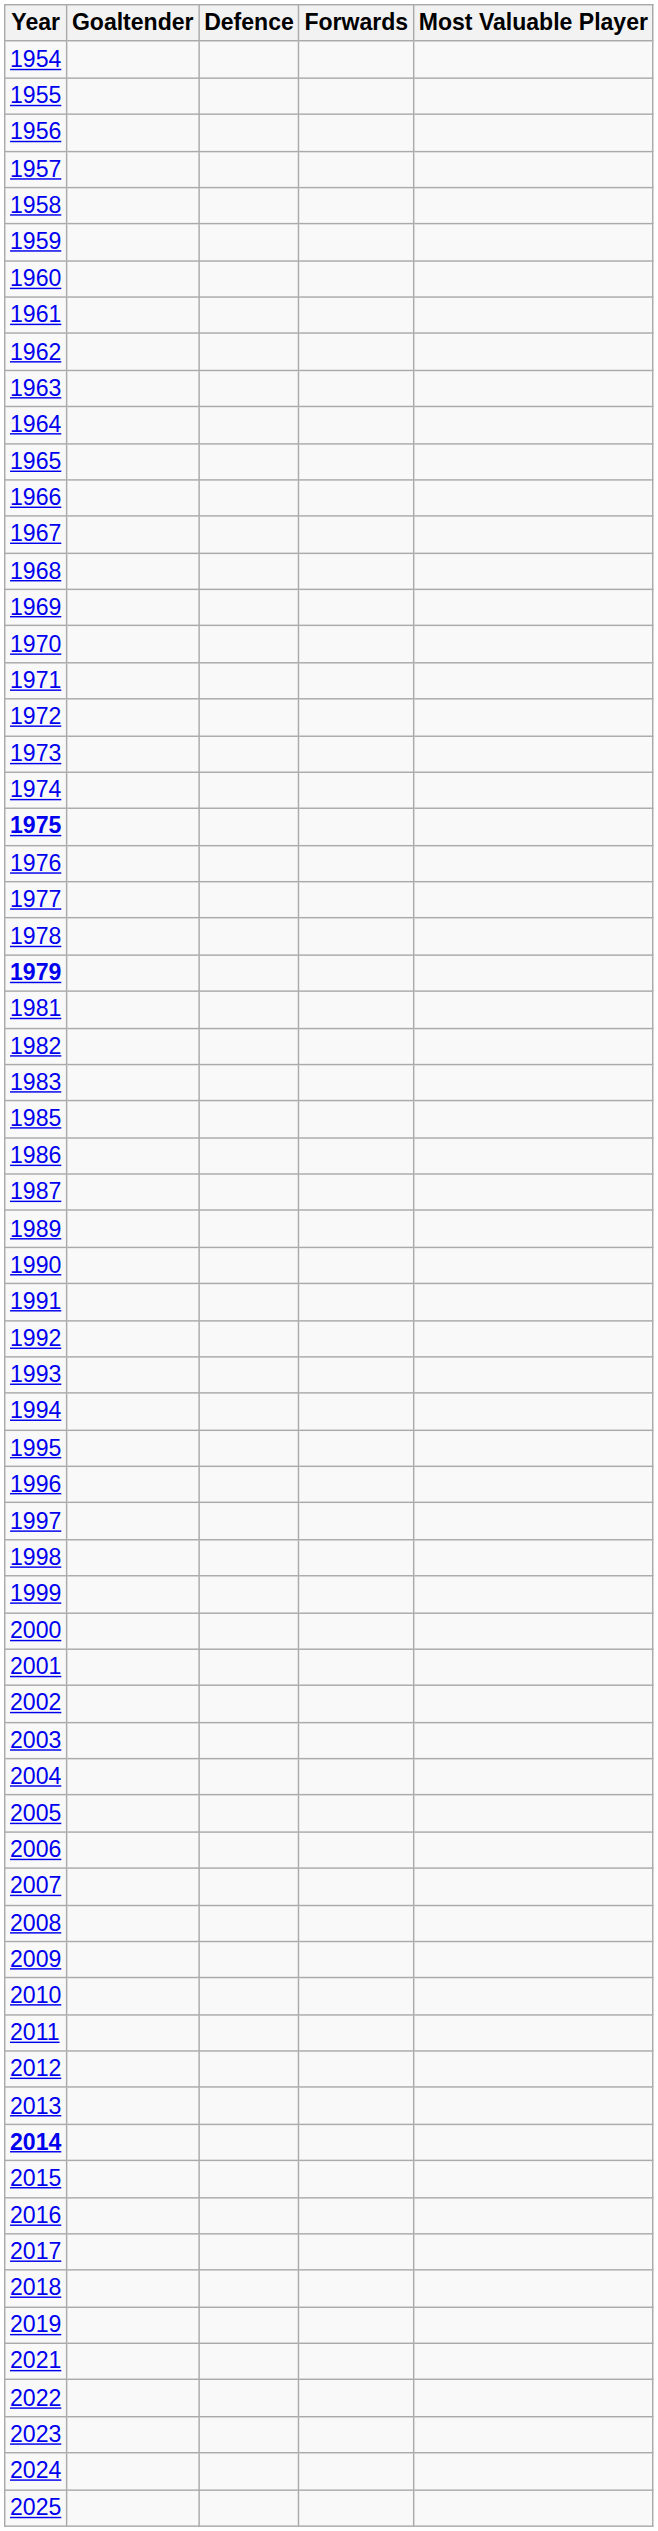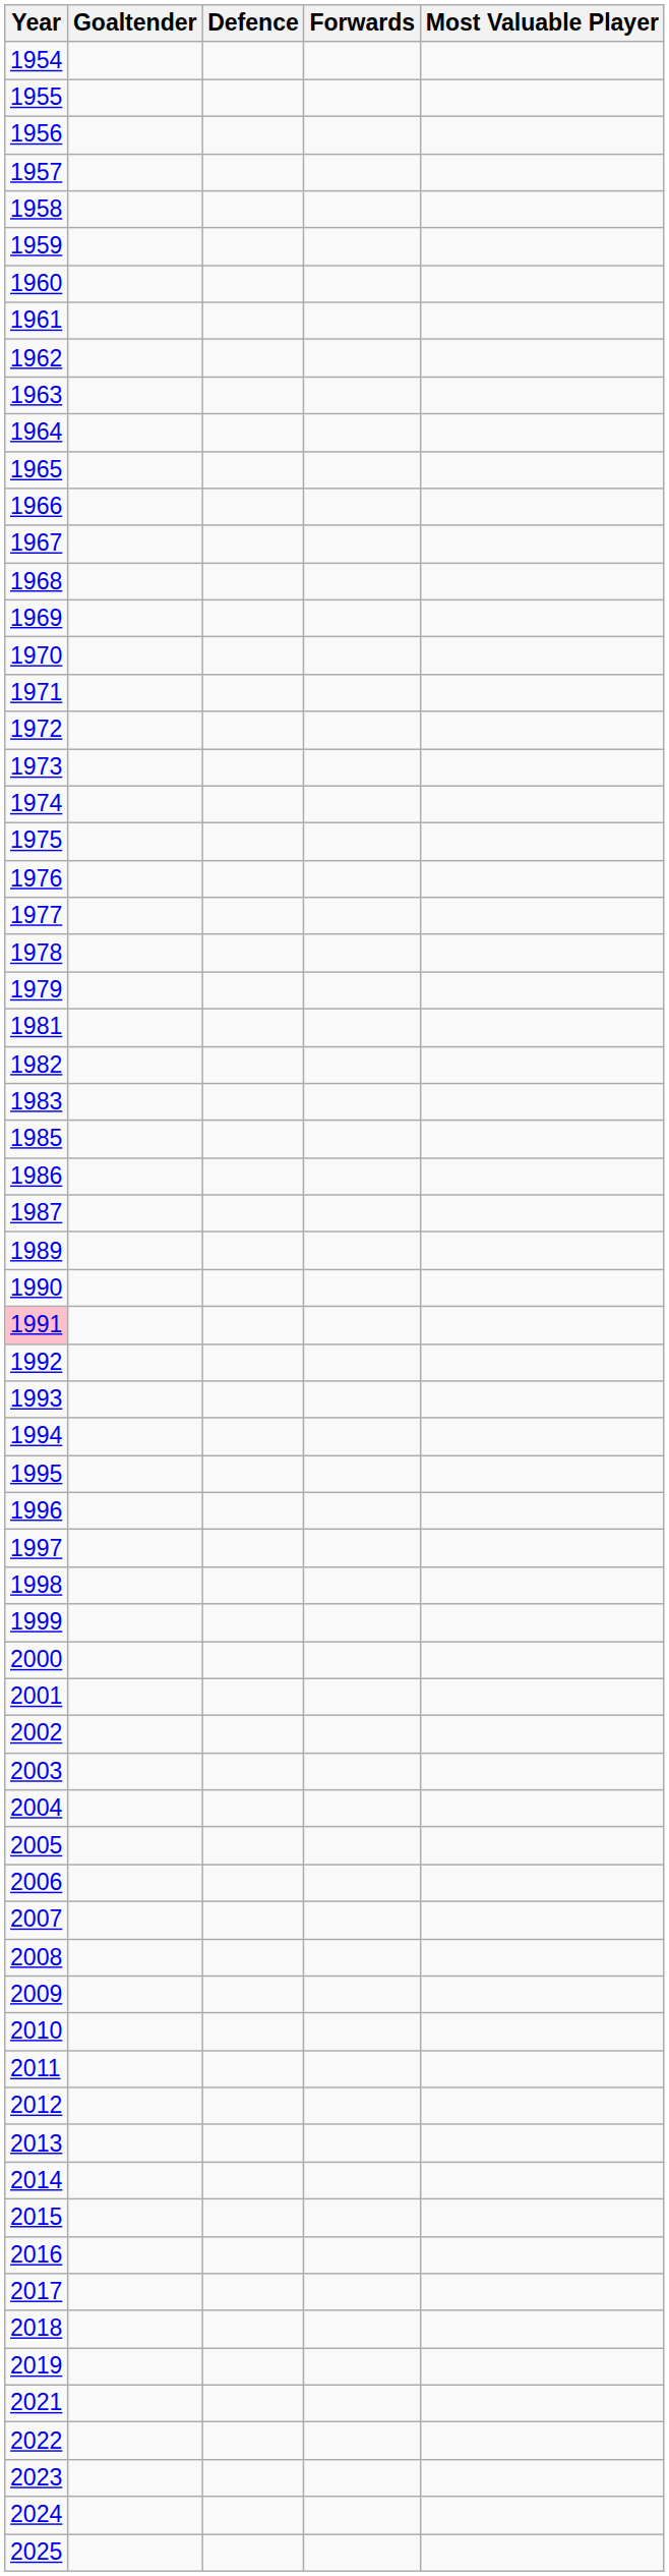 <table class="wikitable">
 <tr>
 <th>Year</th>
 <th>Goaltender</th>
 <th>Defence</th>
 <th>Forwards</th>
 <th>Most Valuable Player</th>
 </tr>
 <tr>
 <td><a href='#'>1954</a></td>
 <td></td>
 <td></td>
 <td></td>
 <td></td>
 </tr>
 <tr>
 <td><a href='#'>1955</a></td>
 <td></td>
 <td></td>
 <td></td>
 <td></td>
 </tr>
 <tr>
 <td><a href='#'>1956</a></td>
 <td></td>
 <td></td>
 <td></td>
 <td></td>
 </tr>
 <tr>
 <td><a href='#'>1957</a></td>
 <td></td>
 <td></td>
 <td></td>
 <td></td>
 </tr>
 <tr>
 <td><a href='#'>1958</a></td>
 <td></td>
 <td></td>
 <td></td>
 <td></td>
 </tr>
 <tr>
 <td><a href='#'>1959</a></td>
 <td></td>
 <td></td>
 <td></td>
 <td></td>
 </tr>
 <tr>
 <td><a href='#'>1960</a></td>
 <td></td>
 <td></td>
 <td></td>
 <td></td>
 </tr>
 <tr>
 <td><a href='#'>1961</a></td>
 <td></td>
 <td></td>
 <td></td>
 <td></td>
 </tr>
 <tr>
 <td><a href='#'>1962</a></td>
 <td></td>
 <td></td>
 <td></td>
 <td></td>
 </tr>
 <tr>
 <td><a href='#'>1963</a></td>
 <td></td>
 <td></td>
 <td></td>
 <td></td>
 </tr>
 <tr>
 <td><a href='#'>1964</a></td>
 <td></td>
 <td></td>
 <td></td>
 <td></td>
 </tr>
 <tr>
 <td><a href='#'>1965</a></td>
 <td></td>
 <td></td>
 <td></td>
 <td></td>
 </tr>
 <tr>
 <td><a href='#'>1966</a></td>
 <td></td>
 <td></td>
 <td></td>
 <td></td>
 </tr>
 <tr>
 <td><a href='#'>1967</a></td>
 <td></td>
 <td></td>
 <td></td>
 <td></td>
 </tr>
 <tr>
 <td><a href='#'>1968</a></td>
 <td></td>
 <td></td>
 <td></td>
 <td></td>
 </tr>
 <tr>
 <td><a href='#'>1969</a></td>
 <td></td>
 <td></td>
 <td></td>
 <td></td>
 </tr>
 <tr>
 <td><a href='#'>1970</a></td>
 <td></td>
 <td></td>
 <td></td>
 <td></td>
 </tr>
 <tr>
 <td><a href='#'>1971</a></td>
 <td></td>
 <td></td>
 <td></td>
 <td></td>
 </tr>
 <tr>
 <td><a href='#'>1972</a></td>
 <td></td>
 <td></td>
 <td></td>
 <td></td>
 </tr>
 <tr>
 <td><a href='#'>1973</a></td>
 <td></td>
 <td></td>
 <td></td>
 <td></td>
 </tr>
 <tr>
 <td><a href='#'>1974</a></td>
 <td></td>
 <td></td>
 <td></td>
 <td></td>
 </tr>
 <tr>
-<td><strong><a href='#'>1975</a></strong></td>
+<td><a href='#'>1975</a></td>
 <td></td>
 <td></td>
 <td></td>
 <td></td>
 </tr>
 <tr>
 <td><a href='#'>1976</a></td>
 <td></td>
 <td></td>
 <td></td>
 <td></td>
 </tr>
 <tr>
 <td><a href='#'>1977</a></td>
 <td></td>
 <td></td>
 <td></td>
 <td></td>
 </tr>
 <tr>
 <td><a href='#'>1978</a></td>
 <td></td>
 <td></td>
 <td></td>
 <td></td>
 </tr>
 <tr>
-<td><strong><a href='#'>1979</a></strong></td>
+<td><a href='#'>1979</a></td>
 <td></td>
 <td></td>
 <td></td>
 <td></td>
 </tr>
 <tr>
 <td><a href='#'>1981</a></td>
 <td></td>
 <td></td>
 <td></td>
 <td></td>
 </tr>
 <tr>
 <td><a href='#'>1982</a></td>
 <td></td>
 <td></td>
 <td></td>
 <td></td>
 </tr>
 <tr>
 <td><a href='#'>1983</a></td>
 <td></td>
 <td></td>
 <td></td>
 <td></td>
 </tr>
 <tr>
 <td><a href='#'>1985</a></td>
 <td></td>
 <td></td>
 <td></td>
 <td></td>
 </tr>
 <tr>
 <td><a href='#'>1986</a></td>
 <td></td>
 <td></td>
 <td></td>
 <td></td>
 </tr>
 <tr>
 <td><a href='#'>1987</a></td>
 <td></td>
 <td></td>
 <td></td>
 <td></td>
 </tr>
 <tr>
 <td><a href='#'>1989</a></td>
 <td></td>
 <td></td>
 <td></td>
 <td></td>
 </tr>
 <tr>
 <td><a href='#'>1990</a></td>
 <td></td>
 <td></td>
 <td></td>
 <td></td>
 </tr>
 <tr>
-<td><a href='#'>1991</a></td>
+<td style="background: pink;"><a href='#'>1991</a></td>
 <td></td>
 <td></td>
 <td></td>
 <td></td>
 </tr>
 <tr>
 <td><a href='#'>1992</a></td>
 <td></td>
 <td></td>
 <td></td>
 <td></td>
 </tr>
 <tr>
 <td><a href='#'>1993</a></td>
 <td></td>
 <td></td>
 <td></td>
 <td></td>
 </tr>
 <tr>
 <td><a href='#'>1994</a></td>
 <td></td>
 <td></td>
 <td></td>
 <td></td>
 </tr>
 <tr>
 <td><a href='#'>1995</a></td>
 <td></td>
 <td></td>
 <td></td>
 <td></td>
 </tr>
 <tr>
 <td><a href='#'>1996</a></td>
 <td></td>
 <td></td>
 <td></td>
 <td></td>
 </tr>
 <tr>
 <td><a href='#'>1997</a></td>
 <td></td>
 <td></td>
 <td></td>
 <td></td>
 </tr>
 <tr>
 <td><a href='#'>1998</a></td>
 <td></td>
 <td></td>
 <td></td>
 <td></td>
 </tr>
 <tr>
 <td><a href='#'>1999</a></td>
 <td></td>
 <td></td>
 <td></td>
 <td></td>
 </tr>
 <tr>
 <td><a href='#'>2000</a></td>
 <td></td>
 <td></td>
 <td></td>
 <td></td>
 </tr>
 <tr>
 <td><a href='#'>2001</a></td>
 <td></td>
 <td></td>
 <td></td>
 <td></td>
 </tr>
 <tr>
 <td><a href='#'>2002</a></td>
 <td></td>
 <td></td>
 <td></td>
 <td></td>
 </tr>
 <tr>
 <td><a href='#'>2003</a></td>
 <td></td>
 <td></td>
 <td></td>
 <td></td>
 </tr>
 <tr>
 <td><a href='#'>2004</a></td>
 <td></td>
 <td></td>
 <td></td>
 <td></td>
 </tr>
 <tr>
 <td><a href='#'>2005</a></td>
 <td></td>
 <td></td>
 <td></td>
 <td></td>
 </tr>
 <tr>
 <td><a href='#'>2006</a></td>
 <td></td>
 <td></td>
 <td></td>
 <td></td>
 </tr>
 <tr>
 <td><a href='#'>2007</a></td>
 <td></td>
 <td></td>
 <td></td>
 <td></td>
 </tr>
 <tr>
 <td><a href='#'>2008</a></td>
 <td></td>
 <td></td>
 <td></td>
 <td></td>
 </tr>
 <tr>
 <td><a href='#'>2009</a></td>
 <td></td>
 <td></td>
 <td></td>
 <td></td>
 </tr>
 <tr>
 <td><a href='#'>2010</a></td>
 <td></td>
 <td></td>
 <td></td>
 <td></td>
 </tr>
 <tr>
 <td><a href='#'>2011</a></td>
 <td></td>
 <td></td>
 <td></td>
 <td></td>
 </tr>
 <tr>
 <td><a href='#'>2012</a></td>
 <td></td>
 <td></td>
 <td></td>
 <td></td>
 </tr>
 <tr>
 <td><a href='#'>2013</a></td>
 <td></td>
 <td></td>
 <td></td>
 <td></td>
 </tr>
 <tr>
-<td><strong><a href='#'>2014</a></strong></td>
+<td><a href='#'>2014</a></td>
 <td></td>
 <td></td>
 <td></td>
 <td></td>
 </tr>
 <tr>
 <td><a href='#'>2015</a></td>
 <td></td>
 <td></td>
 <td></td>
 <td></td>
 </tr>
 <tr>
 <td><a href='#'>2016</a></td>
 <td></td>
 <td></td>
 <td></td>
 <td></td>
 </tr>
 <tr>
 <td><a href='#'>2017</a></td>
 <td></td>
 <td></td>
 <td></td>
 <td></td>
 </tr>
 <tr>
 <td><a href='#'>2018</a></td>
 <td></td>
 <td></td>
 <td></td>
 <td></td>
 </tr>
 <tr>
 <td><a href='#'>2019</a></td>
 <td></td>
 <td></td>
 <td></td>
 <td></td>
 </tr>
 <tr>
 <td><a href='#'>2021</a></td>
 <td></td>
 <td></td>
 <td></td>
 <td></td>
 </tr>
 <tr>
 <td><a href='#'>2022</a></td>
 <td></td>
 <td></td>
 <td></td>
 <td></td>
 </tr>
 <tr>
 <td><a href='#'>2023</a></td>
 <td></td>
 <td></td>
 <td></td>
 <td></td>
 </tr>
 <tr>
 <td><a href='#'>2024</a></td>
 <td></td>
 <td></td>
 <td></td>
 <td></td>
 </tr>
 <tr>
 <td><a href='#'>2025</a></td>
 <td></td>
 <td></td>
 <td></td>
 <td></td>
 </tr>
 </table>
